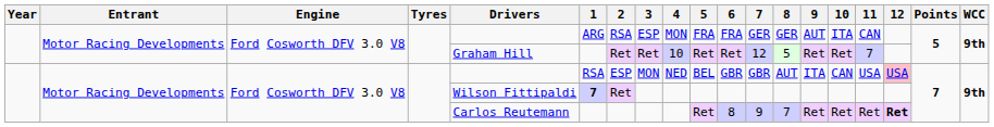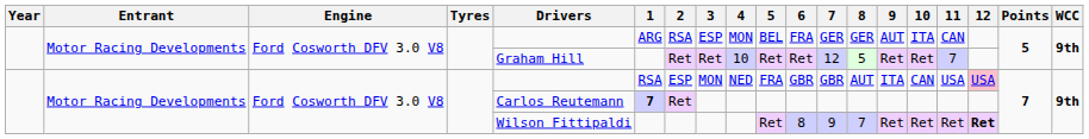 <table class="wikitable" style="text-align:center; font-size:95%">
 <tr>
 <th>Year</th>
 <th>Entrant</th>
 <th>Engine</th>
 <th>Tyres</th>
 <th>Drivers</th>
 <th>1</th>
 <th>2</th>
 <th>3</th>
 <th>4</th>
 <th>5</th>
 <th>6</th>
 <th>7</th>
 <th>8</th>
 <th>9</th>
 <th>10</th>
 <th>11</th>
 <th>12</th>
 <th>Points</th>
 <th>WCC</th>
 </tr>
 <tr>
 <td rowspan="2"></td>
 <td rowspan="2"><a href='#'>Motor Racing Developments</a></td>
 <td rowspan="2"><a href='#'>Ford</a> <a href='#'>Cosworth DFV</a> 3.0 <a href='#'>V8</a></td>
 <td rowspan="2"></td>
 <td></td>
 <td><a href='#'>ARG</a></td>
 <td><a href='#'>RSA</a></td>
 <td><a href='#'>ESP</a></td>
 <td><a href='#'>MON</a></td>
-<td><a href='#'>FRA</a></td>
+<td><a href='#'>BEL</a></td>
 <td><a href='#'>FRA</a></td>
 <td><a href='#'>GER</a></td>
 <td><a href='#'>GER</a></td>
 <td><a href='#'>AUT</a></td>
 <td><a href='#'>ITA</a></td>
 <td><a href='#'>CAN</a></td>
 <td></td>
 <td rowspan="2"><strong>5</strong></td>
 <td rowspan="2"><strong>9th</strong></td>
 </tr>
 <tr>
 <td align="left"><a href='#'>Graham Hill</a></td>
 <td></td>
 <td style="background:#EFCFFF;">Ret</td>
 <td style="background:#EFCFFF;">Ret</td>
 <td style="background:#CFCFFF;">10</td>
 <td style="background:#EFCFFF;">Ret</td>
 <td style="background:#EFCFFF;">Ret</td>
 <td style="background:#CFCFFF;">12</td>
 <td style="background:#DFFFDF;">5</td>
 <td style="background:#EFCFFF;">Ret</td>
 <td style="background:#EFCFFF;">Ret</td>
 <td style="background:#CFCFFF;">7</td>
 <td></td>
 </tr>
 <tr>
 <td rowspan="3"></td>
 <td rowspan="3"><a href='#'>Motor Racing Developments</a></td>
 <td rowspan="3"><a href='#'>Ford</a> <a href='#'>Cosworth DFV</a> 3.0 <a href='#'>V8</a></td>
 <td rowspan="3"></td>
 <td></td>
 <td><a href='#'>RSA</a></td>
 <td><a href='#'>ESP</a></td>
 <td><a href='#'>MON</a></td>
 <td><a href='#'>NED</a></td>
-<td><a href='#'>BEL</a></td>
+<td><a href='#'>FRA</a></td>
 <td><a href='#'>GBR</a></td>
 <td><a href='#'>GBR</a></td>
 <td><a href='#'>AUT</a></td>
 <td><a href='#'>ITA</a></td>
 <td><a href='#'>CAN</a></td>
 <td><a href='#'>USA</a></td>
 <td style="background: pink;"><a href='#'>USA</a></td>
 <td rowspan="3"><strong>7</strong></td>
 <td rowspan="3"><strong>9th</strong></td>
 </tr>
 <tr>
-<td align="left"><a href='#'>Wilson Fittipaldi</a></td>
+<td align="left"><a href='#'>Carlos Reutemann</a></td>
 <td style="background:#CFCFFF;"><strong>7</strong></td>
 <td style="background:#EFCFFF;">Ret</td>
 <td></td>
 <td></td>
 <td></td>
 <td></td>
 <td></td>
 <td></td>
 <td></td>
 <td></td>
 <td></td>
 <td></td>
 </tr>
 <tr>
-<td align="left"><a href='#'>Carlos Reutemann</a></td>
+<td align="left"><a href='#'>Wilson Fittipaldi</a></td>
 <td></td>
 <td></td>
 <td></td>
 <td></td>
 <td style="background:#EFCFFF;">Ret</td>
 <td style="background:#CFCFFF;">8</td>
 <td style="background:#CFCFFF;">9</td>
 <td style="background:#CFCFFF;">7</td>
 <td style="background:#EFCFFF;">Ret</td>
 <td style="background:#EFCFFF;">Ret</td>
 <td style="background:#EFCFFF;">Ret</td>
 <td style="background:#EFCFFF;"><strong>Ret</strong></td>
 </tr>
 </table>
